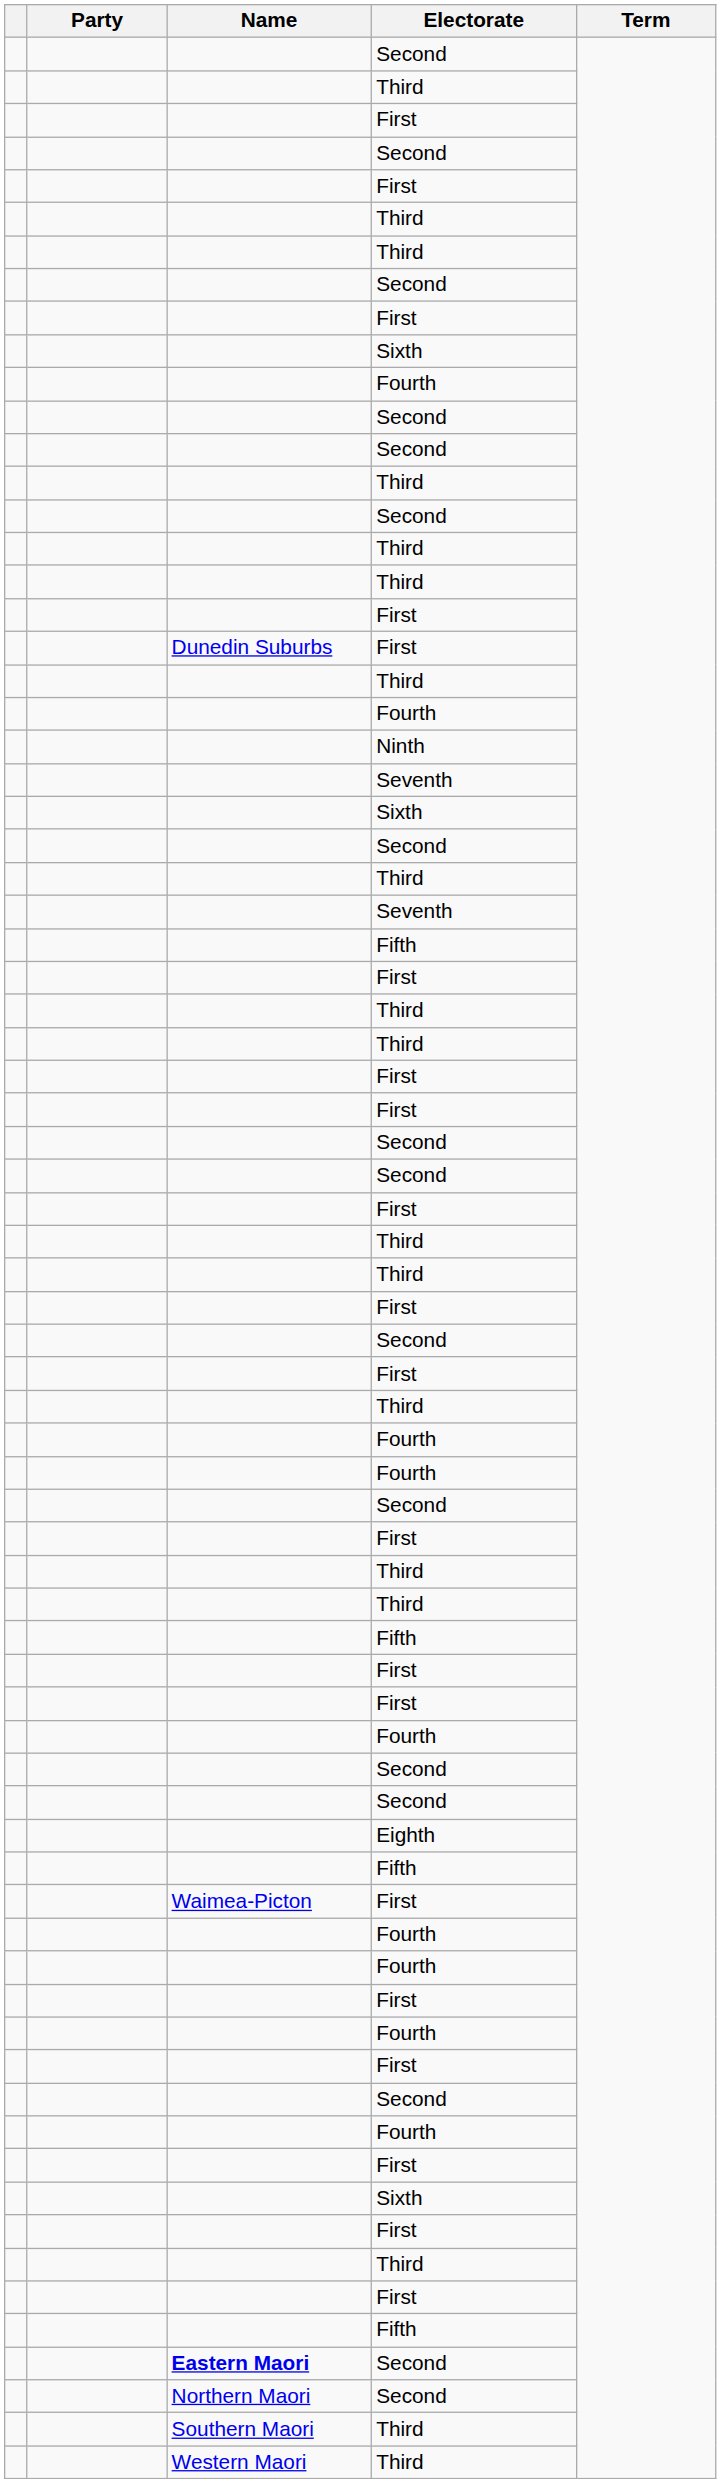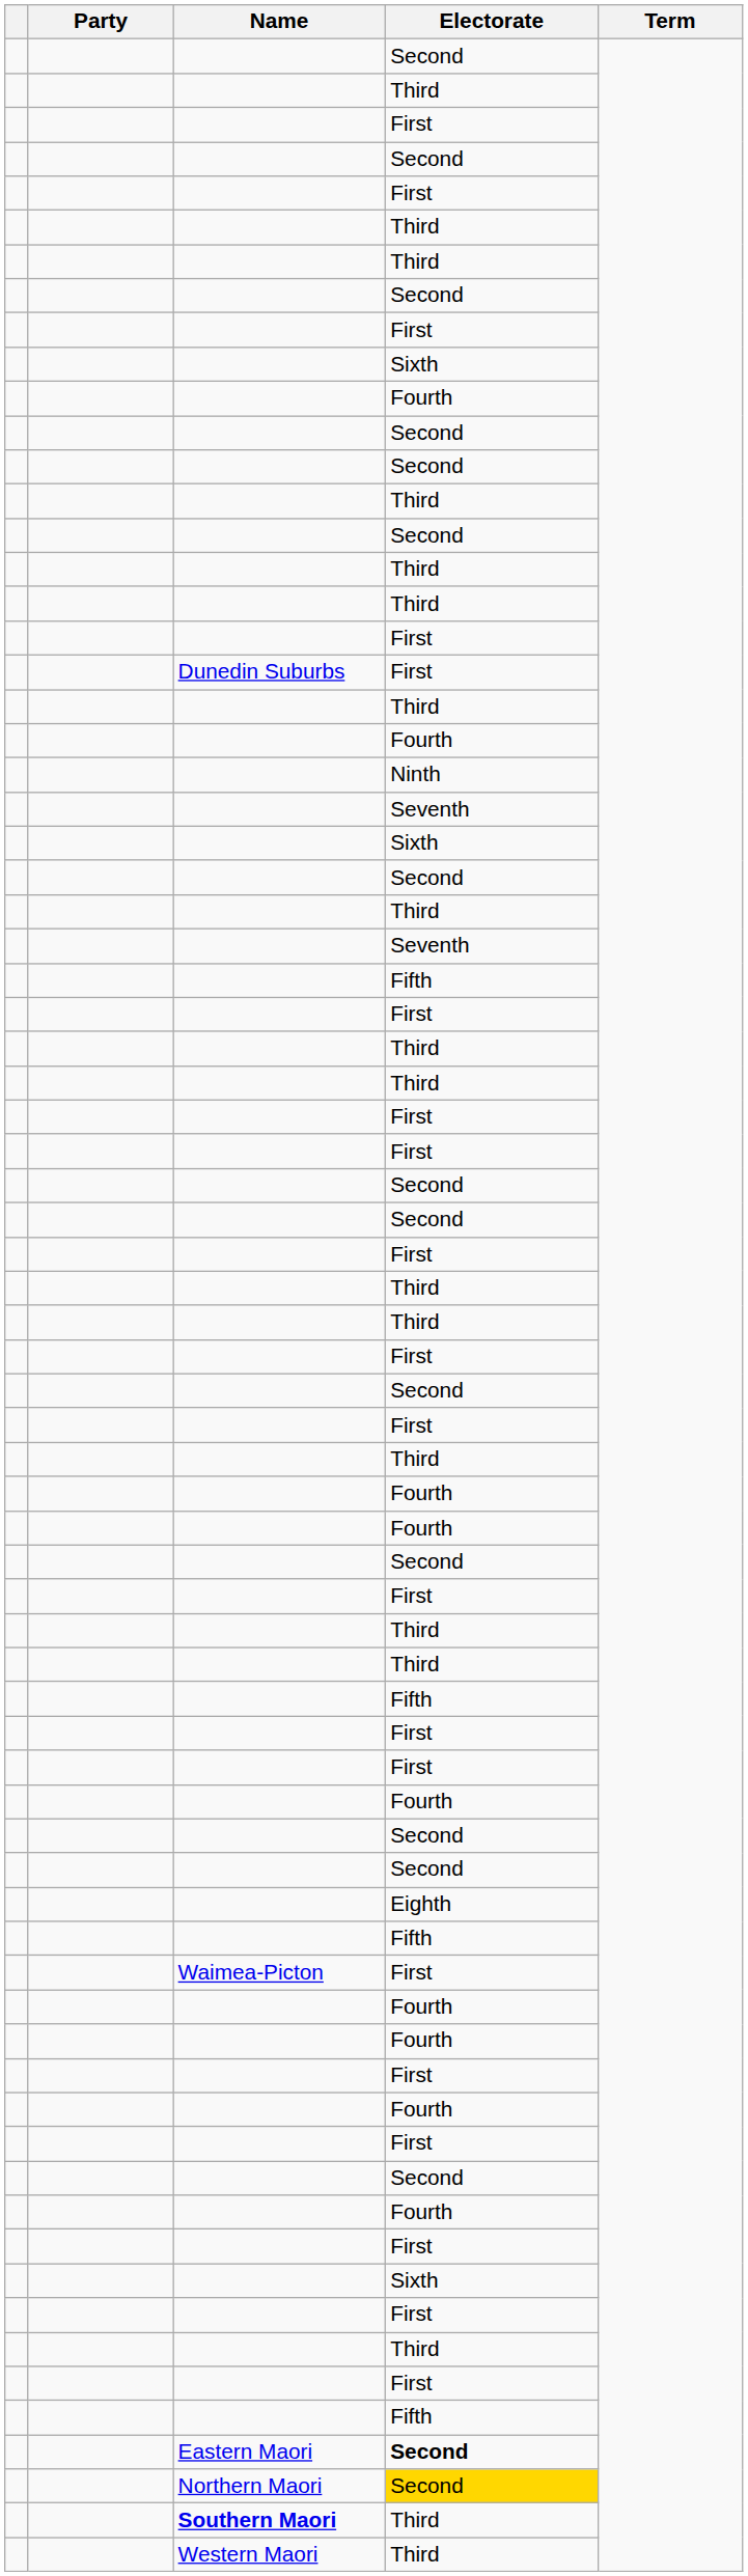 <table class="sortable wikitable">
 <tr>
 <th width=10  class=unsortable></th>
 <th width=100>Party</th>
 <th width=150>Name</th>
 <th width=150>Electorate</th>
 <th width=100>Term</th>
 </tr>
 <tr>
 <td></td>
 <td></td>
 <td></td>
 <td>Second</td>
 </tr>
 <tr>
 <td></td>
 <td></td>
 <td></td>
 <td>Third</td>
 </tr>
 <tr>
 <td></td>
 <td></td>
 <td></td>
 <td>First</td>
 </tr>
 <tr>
 <td></td>
 <td></td>
 <td></td>
 <td>Second</td>
 </tr>
 <tr>
 <td></td>
 <td></td>
 <td></td>
 <td>First</td>
 </tr>
 <tr>
 <td></td>
 <td></td>
 <td></td>
 <td>Third</td>
 </tr>
 <tr>
 <td></td>
 <td></td>
 <td></td>
 <td>Third</td>
 </tr>
 <tr>
 <td></td>
 <td></td>
 <td></td>
 <td>Second</td>
 </tr>
 <tr>
 <td></td>
 <td></td>
 <td></td>
 <td>First</td>
 </tr>
 <tr>
 <td></td>
 <td></td>
 <td></td>
 <td>Sixth</td>
 </tr>
 <tr>
 <td></td>
 <td></td>
 <td></td>
 <td>Fourth</td>
 </tr>
 <tr>
 <td></td>
 <td></td>
 <td></td>
 <td>Second</td>
 </tr>
 <tr>
 <td></td>
 <td></td>
 <td></td>
 <td>Second</td>
 </tr>
 <tr>
 <td></td>
 <td></td>
 <td></td>
 <td>Third</td>
 </tr>
 <tr>
 <td></td>
 <td></td>
 <td></td>
 <td>Second</td>
 </tr>
 <tr>
 <td></td>
 <td></td>
 <td></td>
 <td>Third</td>
 </tr>
 <tr>
 <td></td>
 <td></td>
 <td></td>
 <td>Third</td>
 </tr>
 <tr>
 <td></td>
 <td></td>
 <td></td>
 <td>First</td>
 </tr>
 <tr>
 <td></td>
 <td></td>
 <td><a href='#'>Dunedin Suburbs</a></td>
 <td>First</td>
 </tr>
 <tr>
 <td></td>
 <td></td>
 <td></td>
 <td>Third</td>
 </tr>
 <tr>
 <td></td>
 <td></td>
 <td></td>
 <td>Fourth</td>
 </tr>
 <tr>
 <td></td>
 <td></td>
 <td></td>
 <td>Ninth</td>
 </tr>
 <tr>
 <td></td>
 <td></td>
 <td></td>
 <td>Seventh</td>
 </tr>
 <tr>
 <td></td>
 <td></td>
 <td></td>
 <td>Sixth</td>
 </tr>
 <tr>
 <td></td>
 <td></td>
 <td></td>
 <td>Second</td>
 </tr>
 <tr>
 <td></td>
 <td></td>
 <td></td>
 <td>Third</td>
 </tr>
 <tr>
 <td></td>
 <td></td>
 <td></td>
 <td>Seventh</td>
 </tr>
 <tr>
 <td></td>
 <td></td>
 <td></td>
 <td>Fifth</td>
 </tr>
 <tr>
 <td></td>
 <td></td>
 <td></td>
 <td>First</td>
 </tr>
 <tr>
 <td></td>
 <td></td>
 <td></td>
 <td>Third</td>
 </tr>
 <tr>
 <td></td>
 <td></td>
 <td></td>
 <td>Third</td>
 </tr>
 <tr>
 <td></td>
 <td></td>
 <td></td>
 <td>First</td>
 </tr>
 <tr>
 <td></td>
 <td></td>
 <td></td>
 <td>First</td>
 </tr>
 <tr>
 <td></td>
 <td></td>
 <td></td>
 <td>Second</td>
 </tr>
 <tr>
 <td></td>
 <td></td>
 <td></td>
 <td>Second</td>
 </tr>
 <tr>
 <td></td>
 <td></td>
 <td></td>
 <td>First</td>
 </tr>
 <tr>
 <td></td>
 <td></td>
 <td></td>
 <td>Third</td>
 </tr>
 <tr>
 <td></td>
 <td></td>
 <td></td>
 <td>Third</td>
 </tr>
 <tr>
 <td></td>
 <td></td>
 <td></td>
 <td>First</td>
 </tr>
 <tr>
 <td></td>
 <td></td>
 <td></td>
 <td>Second</td>
 </tr>
 <tr>
 <td></td>
 <td></td>
 <td></td>
 <td>First</td>
 </tr>
 <tr>
 <td></td>
 <td></td>
 <td></td>
 <td>Third</td>
 </tr>
 <tr>
 <td></td>
 <td></td>
 <td></td>
 <td>Fourth</td>
 </tr>
 <tr>
 <td></td>
 <td></td>
 <td></td>
 <td>Fourth</td>
 </tr>
 <tr>
 <td></td>
 <td></td>
 <td></td>
 <td>Second</td>
 </tr>
 <tr>
 <td></td>
 <td></td>
 <td></td>
 <td>First</td>
 </tr>
 <tr>
 <td></td>
 <td></td>
 <td></td>
 <td>Third</td>
 </tr>
 <tr>
 <td></td>
 <td></td>
 <td></td>
 <td>Third</td>
 </tr>
 <tr>
 <td></td>
 <td></td>
 <td></td>
 <td>Fifth</td>
 </tr>
 <tr>
 <td></td>
 <td></td>
 <td></td>
 <td>First</td>
 </tr>
 <tr>
 <td></td>
 <td></td>
 <td></td>
 <td>First</td>
 </tr>
 <tr>
 <td></td>
 <td></td>
 <td></td>
 <td>Fourth</td>
 </tr>
 <tr>
 <td></td>
 <td></td>
 <td></td>
 <td>Second</td>
 </tr>
 <tr>
 <td></td>
 <td></td>
 <td></td>
 <td>Second</td>
 </tr>
 <tr>
 <td></td>
 <td></td>
 <td></td>
 <td>Eighth</td>
 </tr>
 <tr>
 <td></td>
 <td></td>
 <td></td>
 <td>Fifth</td>
 </tr>
 <tr>
 <td></td>
 <td></td>
 <td><a href='#'>Waimea-Picton</a></td>
 <td>First</td>
 </tr>
 <tr>
 <td></td>
 <td></td>
 <td></td>
 <td>Fourth</td>
 </tr>
 <tr>
 <td></td>
 <td></td>
 <td></td>
 <td>Fourth</td>
 </tr>
 <tr>
 <td></td>
 <td></td>
 <td></td>
 <td>First</td>
 </tr>
 <tr>
 <td></td>
 <td></td>
 <td></td>
 <td>Fourth</td>
 </tr>
 <tr>
 <td></td>
 <td></td>
 <td></td>
 <td>First</td>
 </tr>
 <tr>
 <td></td>
 <td></td>
 <td></td>
 <td>Second</td>
 </tr>
 <tr>
 <td></td>
 <td></td>
 <td></td>
 <td>Fourth</td>
 </tr>
 <tr>
 <td></td>
 <td></td>
 <td></td>
 <td>First</td>
 </tr>
 <tr>
 <td></td>
 <td></td>
 <td></td>
 <td>Sixth</td>
 </tr>
 <tr>
 <td></td>
 <td></td>
 <td></td>
 <td>First</td>
 </tr>
 <tr>
 <td></td>
 <td></td>
 <td></td>
 <td>Third</td>
 </tr>
 <tr>
 <td></td>
 <td></td>
 <td></td>
 <td>First</td>
 </tr>
 <tr>
 <td></td>
 <td></td>
 <td></td>
 <td>Fifth</td>
 </tr>
 <tr>
 <td></td>
 <td></td>
-<td><strong><a href='#'>Eastern Maori</a></strong></td>
-<td>Second</td>
+<td><a href='#'>Eastern Maori</a></td>
+<td><strong>Second</strong></td>
 </tr>
 <tr>
 <td></td>
 <td></td>
 <td><a href='#'>Northern Maori</a></td>
-<td>Second</td>
+<td style="background: gold;">Second</td>
 </tr>
 <tr>
 <td></td>
 <td></td>
-<td><a href='#'>Southern Maori</a></td>
+<td><strong><a href='#'>Southern Maori</a></strong></td>
 <td>Third</td>
 </tr>
 <tr>
 <td></td>
 <td></td>
 <td><a href='#'>Western Maori</a></td>
 <td>Third</td>
 </tr>
 </table>
